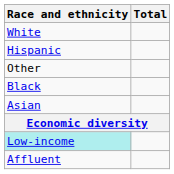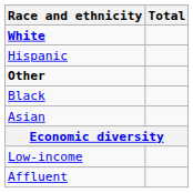 <table class="wikitable floatright sortable collapsible"; text-align:right; font-size:80%;">
 <tr>
 <th>Race and ethnicity</th>
 <th colspan="2" data-sort-type=number>Total</th>
 </tr>
 <tr>
-<td><a href='#'>White</a></td>
+<td><strong><a href='#'>White</a></strong></td>
 <td align=right></td>
 </tr>
 <tr>
 <td><a href='#'>Hispanic</a></td>
 <td align=right></td>
 </tr>
 <tr>
-<td>Other</td>
+<td><strong>Other</strong></td>
 <td align=right></td>
 </tr>
 <tr>
 <td><a href='#'>Black</a></td>
 <td align=right></td>
 </tr>
 <tr>
 <td><a href='#'>Asian</a></td>
 <td align=right></td>
 </tr>
 <tr>
 <th colspan="4" data-sort-type=number><a href='#'>Economic diversity</a></th>
 </tr>
 <tr>
-<td style="background: paleturquoise;"><a href='#'>Low-income</a></td>
+<td><a href='#'>Low-income</a></td>
 <td align=right></td>
 </tr>
 <tr>
 <td><a href='#'>Affluent</a></td>
 <td align=right></td>
 </tr>
 </table>
